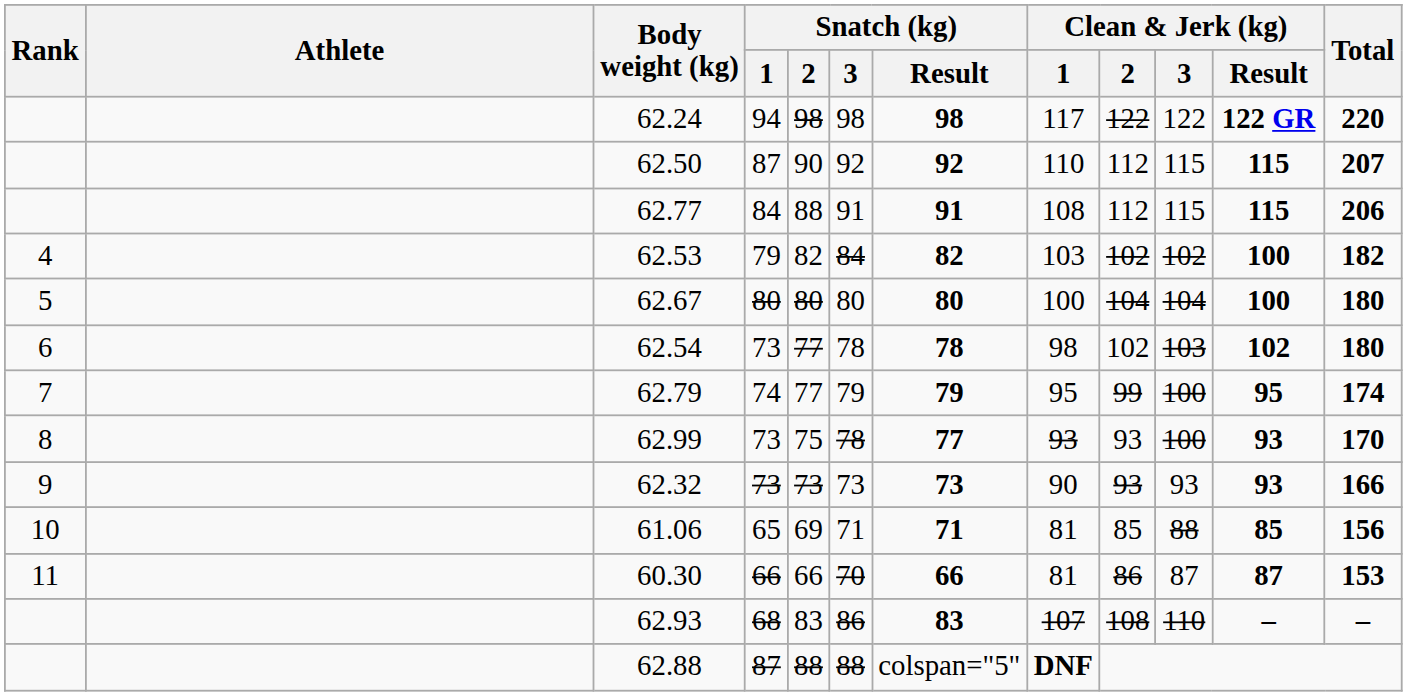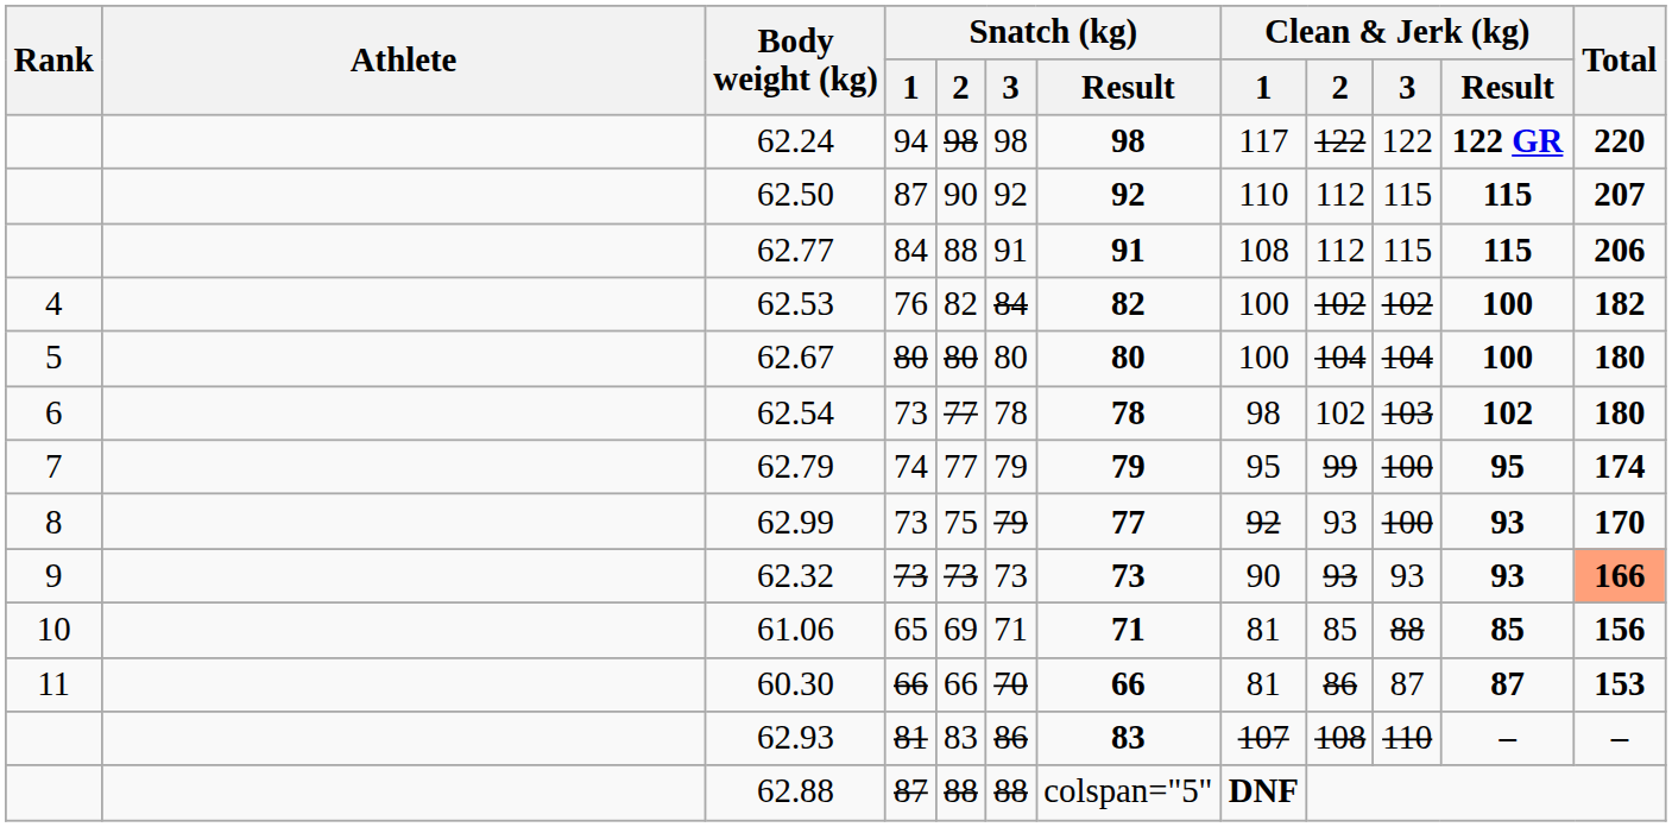 <table class = "wikitable sortable" style="text-align:center;">
 <tr>
 <th rowspan=2>Rank</th>
 <th rowspan=2 width=275>Athlete</th>
 <th rowspan=2>Body<br>weight (kg)</th>
 <th colspan=4>Snatch (kg)</th>
 <th colspan=4>Clean & Jerk (kg)</th>
 <th rowspan=2>Total</th>
 </tr>
 <tr>
 <th class="unsortable">1</th>
 <th class="unsortable">2</th>
 <th class="unsortable">3</th>
 <th width=55>Result</th>
 <th class="unsortable">1</th>
 <th class="unsortable">2</th>
 <th class="unsortable">3</th>
 <th width=55>Result</th>
 </tr>
 <tr>
 <td></td>
 <td align=left></td>
 <td>62.24</td>
 <td>94</td>
 <td><s>98</s></td>
 <td>98</td>
 <td><strong>98</strong></td>
 <td>117</td>
 <td><s>122</s></td>
 <td>122</td>
 <td><strong>122 <a href='#'>GR</a></strong></td>
 <td><strong>220</strong></td>
 </tr>
 <tr>
 <td></td>
 <td align=left></td>
 <td>62.50</td>
 <td>87</td>
 <td>90</td>
 <td>92</td>
 <td><strong>92</strong></td>
 <td>110</td>
 <td>112</td>
 <td>115</td>
 <td><strong>115</strong></td>
 <td><strong>207</strong></td>
 </tr>
 <tr>
 <td></td>
 <td align=left></td>
 <td>62.77</td>
 <td>84</td>
 <td>88</td>
 <td>91</td>
 <td><strong>91</strong></td>
 <td>108</td>
 <td>112</td>
 <td>115</td>
 <td><strong>115</strong></td>
 <td><strong>206</strong></td>
 </tr>
 <tr>
 <td>4</td>
 <td align=left></td>
 <td>62.53</td>
-<td>79</td>
+<td>76</td>
 <td>82</td>
 <td><s>84</s></td>
 <td><strong>82</strong></td>
-<td>103</td>
+<td>100</td>
 <td><s>102</s></td>
 <td><s>102</s></td>
 <td><strong>100</strong></td>
 <td><strong>182</strong></td>
 </tr>
 <tr>
 <td>5</td>
 <td align=left></td>
 <td>62.67</td>
 <td><s>80</s></td>
 <td><s>80</s></td>
 <td>80</td>
 <td><strong>80</strong></td>
 <td>100</td>
 <td><s>104</s></td>
 <td><s>104</s></td>
 <td><strong>100</strong></td>
 <td><strong>180</strong></td>
 </tr>
 <tr>
 <td>6</td>
 <td align=left></td>
 <td>62.54</td>
 <td>73</td>
 <td><s>77</s></td>
 <td>78</td>
 <td><strong>78</strong></td>
 <td>98</td>
 <td>102</td>
 <td><s>103</s></td>
 <td><strong>102</strong></td>
 <td><strong>180</strong></td>
 </tr>
 <tr>
 <td>7</td>
 <td align=left></td>
 <td>62.79</td>
 <td>74</td>
 <td>77</td>
 <td>79</td>
 <td><strong>79</strong></td>
 <td>95</td>
 <td><s>99</s></td>
 <td><s>100</s></td>
 <td><strong>95</strong></td>
 <td><strong>174</strong></td>
 </tr>
 <tr>
 <td>8</td>
 <td align=left></td>
 <td>62.99</td>
 <td>73</td>
 <td>75</td>
-<td><s>78</s></td>
+<td><s>79</s></td>
 <td><strong>77</strong></td>
-<td><s>93</s></td>
+<td><s>92</s></td>
 <td>93</td>
 <td><s>100</s></td>
 <td><strong>93</strong></td>
 <td><strong>170</strong></td>
 </tr>
 <tr>
 <td>9</td>
 <td align=left></td>
 <td>62.32</td>
 <td><s>73</s></td>
 <td><s>73</s></td>
 <td>73</td>
 <td><strong>73</strong></td>
 <td>90</td>
 <td><s>93</s></td>
 <td>93</td>
 <td><strong>93</strong></td>
-<td><strong>166</strong></td>
+<td style="background: lightsalmon;"><strong>166</strong></td>
 </tr>
 <tr>
 <td>10</td>
 <td align=left></td>
 <td>61.06</td>
 <td>65</td>
 <td>69</td>
 <td>71</td>
 <td><strong>71</strong></td>
 <td>81</td>
 <td>85</td>
 <td><s>88</s></td>
 <td><strong>85</strong></td>
 <td><strong>156</strong></td>
 </tr>
 <tr>
 <td>11</td>
 <td align=left></td>
 <td>60.30</td>
 <td><s>66</s></td>
 <td>66</td>
 <td><s>70</s></td>
 <td><strong>66</strong></td>
 <td>81</td>
 <td><s>86</s></td>
 <td>87</td>
 <td><strong>87</strong></td>
 <td><strong>153</strong></td>
 </tr>
 <tr>
 <td></td>
 <td align=left></td>
 <td>62.93</td>
-<td><s>68</s></td>
+<td><s>81</s></td>
 <td>83</td>
 <td><s>86</s></td>
 <td><strong>83</strong></td>
 <td><s>107</s></td>
 <td><s>108</s></td>
 <td><s>110</s></td>
 <td><strong>–</strong></td>
 <td><strong>–</strong></td>
 </tr>
 <tr>
 <td></td>
 <td align=left></td>
 <td>62.88</td>
 <td><s>87</s></td>
 <td><s>88</s></td>
 <td><s>88</s></td>
 <td>colspan="5" </td>
 <td><strong>DNF</strong></td>
 </tr>
 </table>
